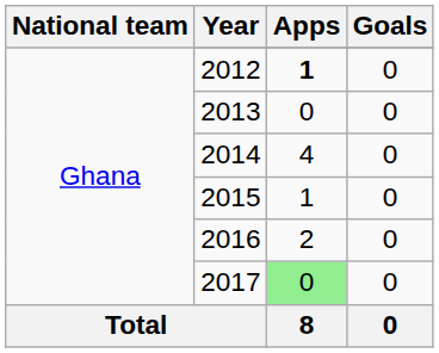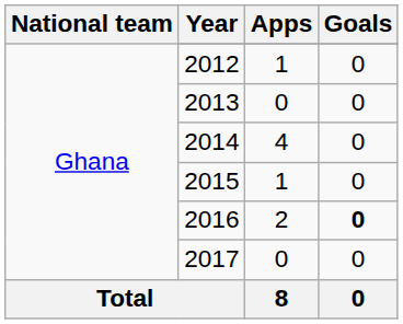 <table class="wikitable" style="text-align:center">
 <tr>
 <th>National team</th>
 <th>Year</th>
 <th>Apps</th>
 <th>Goals</th>
 </tr>
 <tr>
 <td rowspan="7"><a href='#'>Ghana</a></td>
 </tr>
 <tr>
 <td>2012</td>
-<td><strong>1</strong></td>
+<td>1</td>
 <td>0</td>
 </tr>
 <tr>
 <td>2013</td>
 <td>0</td>
 <td>0</td>
 </tr>
 <tr>
 <td>2014</td>
 <td>4</td>
 <td>0</td>
 </tr>
 <tr>
 <td>2015</td>
 <td>1</td>
 <td>0</td>
 </tr>
 <tr>
 <td>2016</td>
 <td>2</td>
-<td>0</td>
+<td><strong>0</strong></td>
 </tr>
 <tr>
 <td>2017</td>
-<td style="background: lightgreen;">0</td>
+<td>0</td>
 <td>0</td>
 </tr>
 <tr>
 <th colspan=2>Total</th>
 <th>8</th>
 <th>0</th>
 </tr>
 </table>
